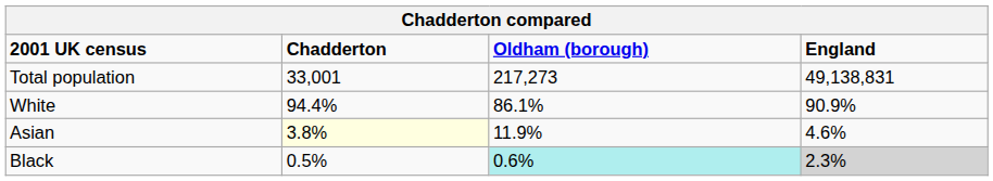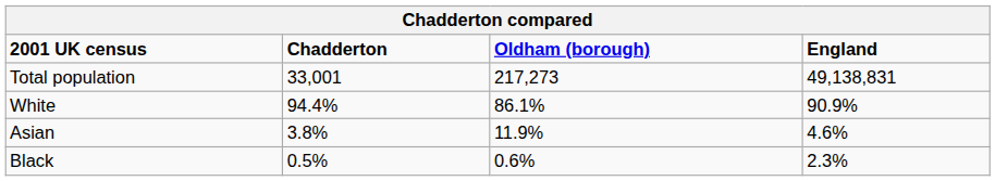 <table class="wikitable" style="float: right; margin-left: 2em; width: 40%; font-size: 90%;" cellspacing="3">
 <tr>
 <th colspan="4"><strong>Chadderton compared</strong></th>
 </tr>
 <tr>
 <td><strong>2001 UK census</strong></td>
 <td><strong>Chadderton</strong></td>
 <td><strong><a href='#'>Oldham (borough)</a></strong></td>
 <td><strong>England</strong></td>
 </tr>
 <tr>
 <td>Total population</td>
 <td>33,001</td>
 <td>217,273</td>
 <td>49,138,831</td>
 </tr>
 <tr>
 <td>White</td>
 <td>94.4%</td>
 <td>86.1%</td>
 <td>90.9%</td>
 </tr>
 <tr>
 <td>Asian</td>
-<td style="background: lightyellow;">3.8%</td>
+<td>3.8%</td>
 <td>11.9%</td>
 <td>4.6%</td>
 </tr>
 <tr>
 <td>Black</td>
 <td>0.5%</td>
-<td style="background: paleturquoise;">0.6%</td>
-<td style="background: lightgrey;">2.3%</td>
+<td>0.6%</td>
+<td>2.3%</td>
 </tr>
 </table>
